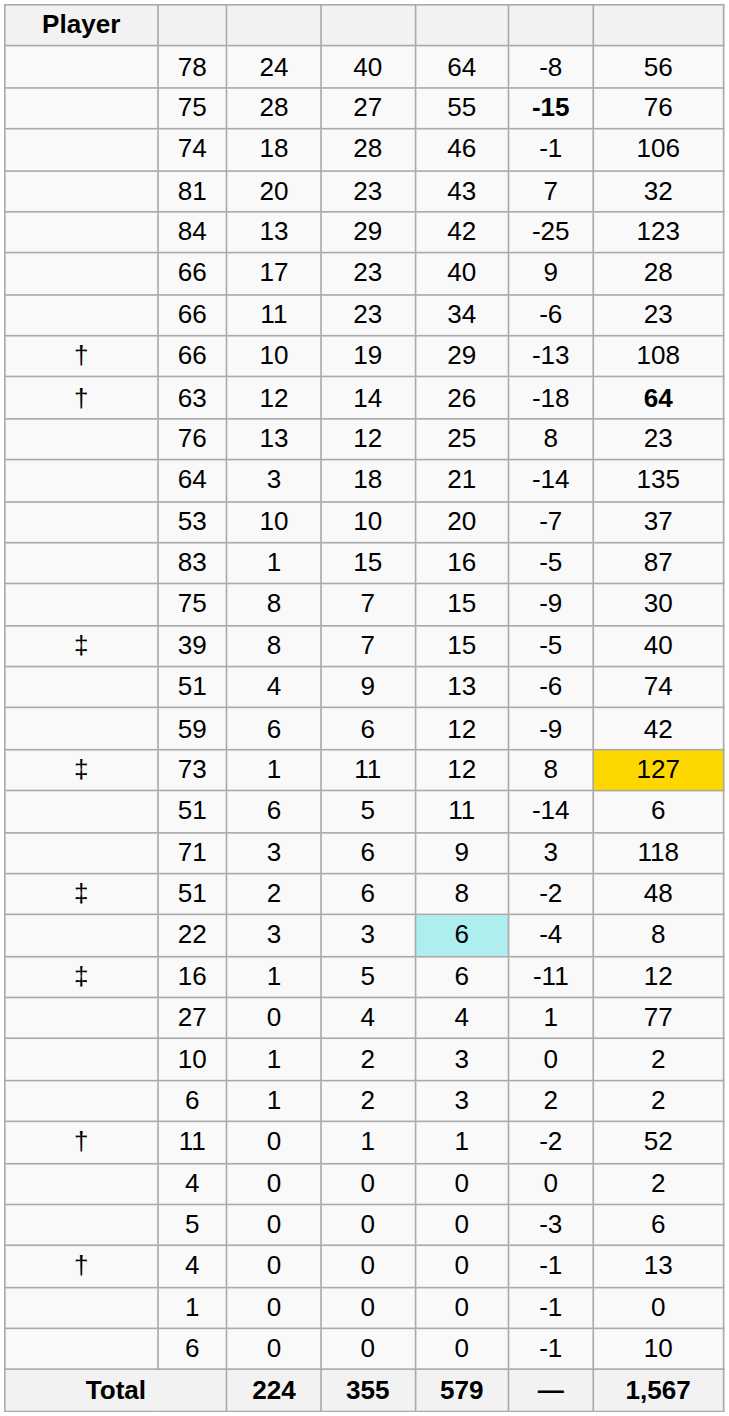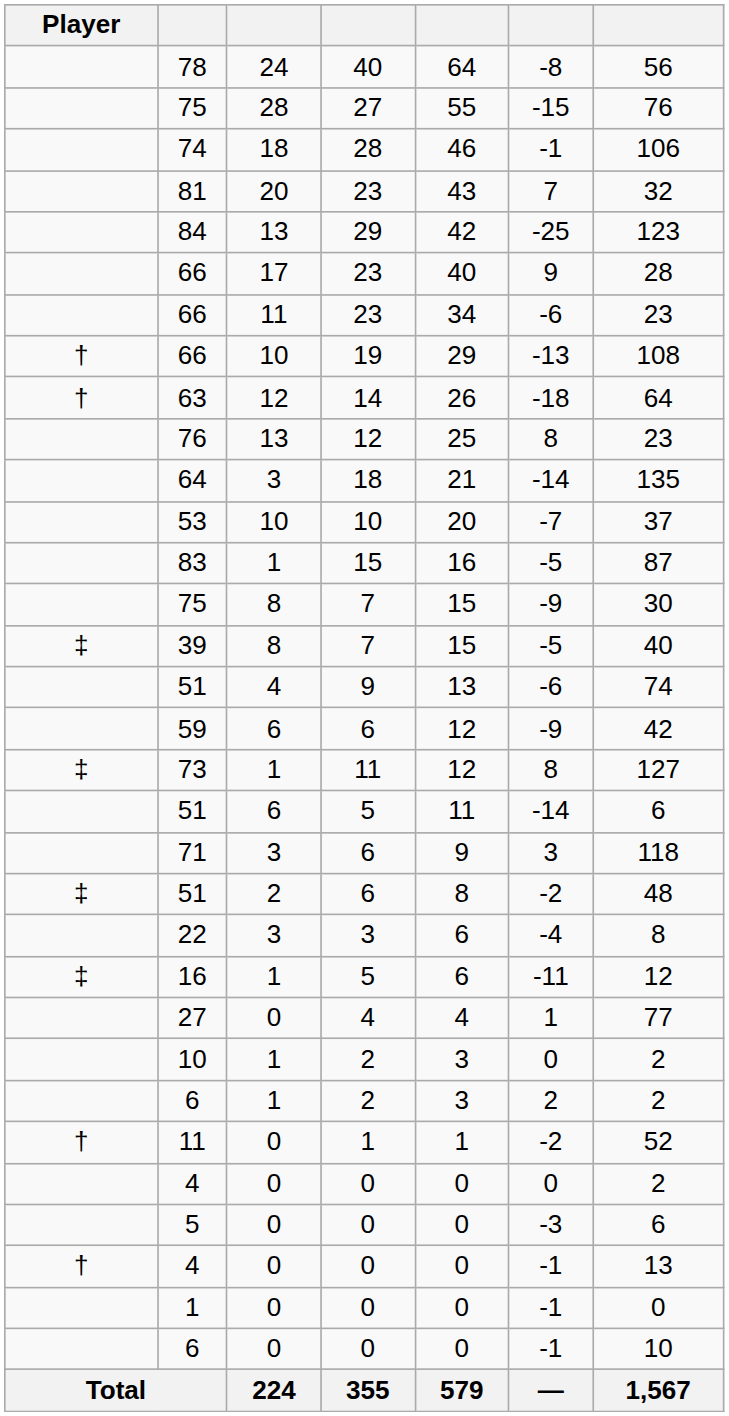 <table class="wikitable sortable" style="width:50%;">
 <tr>
 <th>Player</th>
 <th></th>
 <th></th>
 <th></th>
 <th></th>
 <th data-sort-type="number"></th>
 <th></th>
 </tr>
 <tr align=center>
 <td></td>
 <td>78</td>
 <td>24</td>
 <td>40</td>
 <td>64</td>
 <td>-8</td>
 <td>56</td>
 </tr>
 <tr align=center>
 <td></td>
 <td>75</td>
 <td>28</td>
 <td>27</td>
 <td>55</td>
-<td><strong>-15</strong></td>
+<td>-15</td>
 <td>76</td>
 </tr>
 <tr align=center>
 <td></td>
 <td>74</td>
 <td>18</td>
 <td>28</td>
 <td>46</td>
 <td>-1</td>
 <td>106</td>
 </tr>
 <tr align=center>
 <td></td>
 <td>81</td>
 <td>20</td>
 <td>23</td>
 <td>43</td>
 <td>7</td>
 <td>32</td>
 </tr>
 <tr align=center>
 <td></td>
 <td>84</td>
 <td>13</td>
 <td>29</td>
 <td>42</td>
 <td>-25</td>
 <td>123</td>
 </tr>
 <tr align=center>
 <td></td>
 <td>66</td>
 <td>17</td>
 <td>23</td>
 <td>40</td>
 <td>9</td>
 <td>28</td>
 </tr>
 <tr align=center>
 <td></td>
 <td>66</td>
 <td>11</td>
 <td>23</td>
 <td>34</td>
 <td>-6</td>
 <td>23</td>
 </tr>
 <tr align=center>
 <td> †</td>
 <td>66</td>
 <td>10</td>
 <td>19</td>
 <td>29</td>
 <td>-13</td>
 <td>108</td>
 </tr>
 <tr align=center>
 <td> †</td>
 <td>63</td>
 <td>12</td>
 <td>14</td>
 <td>26</td>
 <td>-18</td>
-<td><strong>64</strong></td>
+<td>64</td>
 </tr>
 <tr align=center>
 <td></td>
 <td>76</td>
 <td>13</td>
 <td>12</td>
 <td>25</td>
 <td>8</td>
 <td>23</td>
 </tr>
 <tr align=center>
 <td></td>
 <td>64</td>
 <td>3</td>
 <td>18</td>
 <td>21</td>
 <td>-14</td>
 <td>135</td>
 </tr>
 <tr align=center>
 <td></td>
 <td>53</td>
 <td>10</td>
 <td>10</td>
 <td>20</td>
 <td>-7</td>
 <td>37</td>
 </tr>
 <tr align=center>
 <td></td>
 <td>83</td>
 <td>1</td>
 <td>15</td>
 <td>16</td>
 <td>-5</td>
 <td>87</td>
 </tr>
 <tr align=center>
 <td></td>
 <td>75</td>
 <td>8</td>
 <td>7</td>
 <td>15</td>
 <td>-9</td>
 <td>30</td>
 </tr>
 <tr align=center>
 <td> ‡</td>
 <td>39</td>
 <td>8</td>
 <td>7</td>
 <td>15</td>
 <td>-5</td>
 <td>40</td>
 </tr>
 <tr align=center>
 <td></td>
 <td>51</td>
 <td>4</td>
 <td>9</td>
 <td>13</td>
 <td>-6</td>
 <td>74</td>
 </tr>
 <tr align=center>
 <td></td>
 <td>59</td>
 <td>6</td>
 <td>6</td>
 <td>12</td>
 <td>-9</td>
 <td>42</td>
 </tr>
 <tr align=center>
 <td> ‡</td>
 <td>73</td>
 <td>1</td>
 <td>11</td>
 <td>12</td>
 <td>8</td>
-<td style="background: gold;">127</td>
+<td>127</td>
 </tr>
 <tr align=center>
 <td></td>
 <td>51</td>
 <td>6</td>
 <td>5</td>
 <td>11</td>
 <td>-14</td>
 <td>6</td>
 </tr>
 <tr align=center>
 <td></td>
 <td>71</td>
 <td>3</td>
 <td>6</td>
 <td>9</td>
 <td>3</td>
 <td>118</td>
 </tr>
 <tr align=center>
 <td> ‡</td>
 <td>51</td>
 <td>2</td>
 <td>6</td>
 <td>8</td>
 <td>-2</td>
 <td>48</td>
 </tr>
 <tr align=center>
 <td></td>
 <td>22</td>
 <td>3</td>
 <td>3</td>
-<td style="background: paleturquoise;">6</td>
+<td>6</td>
 <td>-4</td>
 <td>8</td>
 </tr>
 <tr align=center>
 <td> ‡</td>
 <td>16</td>
 <td>1</td>
 <td>5</td>
 <td>6</td>
 <td>-11</td>
 <td>12</td>
 </tr>
 <tr align=center>
 <td></td>
 <td>27</td>
 <td>0</td>
 <td>4</td>
 <td>4</td>
 <td>1</td>
 <td>77</td>
 </tr>
 <tr align=center>
 <td></td>
 <td>10</td>
 <td>1</td>
 <td>2</td>
 <td>3</td>
 <td>0</td>
 <td>2</td>
 </tr>
 <tr align=center>
 <td></td>
 <td>6</td>
 <td>1</td>
 <td>2</td>
 <td>3</td>
 <td>2</td>
 <td>2</td>
 </tr>
 <tr align=center>
 <td> †</td>
 <td>11</td>
 <td>0</td>
 <td>1</td>
 <td>1</td>
 <td>-2</td>
 <td>52</td>
 </tr>
 <tr align=center>
 <td></td>
 <td>4</td>
 <td>0</td>
 <td>0</td>
 <td>0</td>
 <td>0</td>
 <td>2</td>
 </tr>
 <tr align=center>
 <td></td>
 <td>5</td>
 <td>0</td>
 <td>0</td>
 <td>0</td>
 <td>-3</td>
 <td>6</td>
 </tr>
 <tr align=center>
 <td> †</td>
 <td>4</td>
 <td>0</td>
 <td>0</td>
 <td>0</td>
 <td>-1</td>
 <td>13</td>
 </tr>
 <tr align=center>
 <td></td>
 <td>1</td>
 <td>0</td>
 <td>0</td>
 <td>0</td>
 <td>-1</td>
 <td>0</td>
 </tr>
 <tr align=center>
 <td></td>
 <td>6</td>
 <td>0</td>
 <td>0</td>
 <td>0</td>
 <td>-1</td>
 <td>10</td>
 </tr>
 <tr class="sortbotom">
 <th colspan=2>Total</th>
 <th>224</th>
 <th>355</th>
 <th>579</th>
 <th>—</th>
 <th>1,567</th>
 </tr>
 </table>
